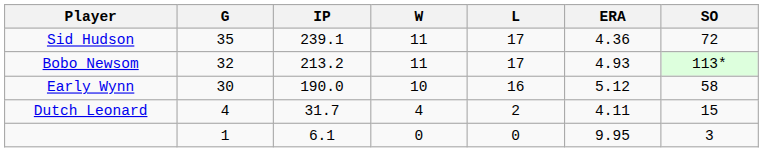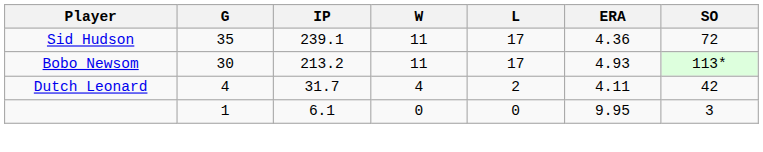 <table class="wikitable sortable">
 <tr>
 <th bgcolor="#DDDDFF" width="16%">Player</th>
 <th bgcolor="#DDDDFF" width="9%">G</th>
 <th bgcolor="#DDDDFF" width="9%">IP</th>
 <th bgcolor="#DDDDFF" width="9%">W</th>
 <th bgcolor="#DDDDFF" width="9%">L</th>
 <th bgcolor="#DDDDFF" width="9%">ERA</th>
 <th bgcolor="#DDDDFF" width="9%">SO</th>
 </tr>
 <tr align="center">
 <td><a href='#'>Sid Hudson</a></td>
 <td>35</td>
 <td>239.1</td>
 <td>11</td>
 <td>17</td>
 <td>4.36</td>
 <td>72</td>
 </tr>
 <tr align=center>
 <td><a href='#'>Bobo Newsom</a></td>
-<td>32</td>
+<td>30</td>
 <td>213.2</td>
 <td>11</td>
 <td>17</td>
 <td>4.93</td>
 <td style="background:#DDFFDD;">113*</td>
-</tr>
-<tr align=center>
-<td><a href='#'>Early Wynn</a></td>
-<td>30</td>
-<td>190.0</td>
-<td>10</td>
-<td>16</td>
-<td>5.12</td>
-<td>58</td>
 </tr>
 <tr align=center>
 <td><a href='#'>Dutch Leonard</a></td>
 <td>4</td>
 <td>31.7</td>
 <td>4</td>
 <td>2</td>
 <td>4.11</td>
-<td>15</td>
+<td>42</td>
 </tr>
 <tr align=center>
 <td></td>
 <td>1</td>
 <td>6.1</td>
 <td>0</td>
 <td>0</td>
 <td>9.95</td>
 <td>3</td>
 </tr>
 </table>
